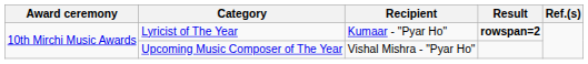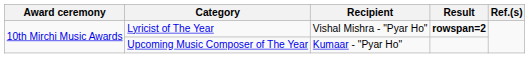 <table class="wikitable">
 <tr>
 <th>Award ceremony</th>
 <th>Category</th>
 <th>Recipient</th>
 <th>Result</th>
 <th>Ref.(s)</th>
 </tr>
 <tr>
 <td rowspan=2><a href='#'>10th Mirchi Music Awards</a></td>
 <td><a href='#'>Lyricist of The Year</a></td>
-<td><a href='#'>Kumaar</a> - "Pyar Ho"</td>
+<td>Vishal Mishra - "Pyar Ho"</td>
 <td><strong>rowspan=2 </strong></td>
 <td rowspan=2></td>
 </tr>
 <tr>
 <td><a href='#'>Upcoming Music Composer of The Year</a></td>
-<td>Vishal Mishra - "Pyar Ho"</td>
+<td><a href='#'>Kumaar</a> - "Pyar Ho"</td>
 </tr>
 </table>
